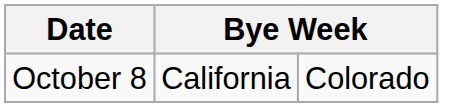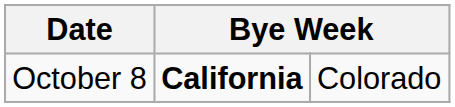 <table class="wikitable" style="font-size:95%;">
 <tr>
 <th>Date</th>
 <th colspan="2">Bye Week</th>
 </tr>
 <tr>
 <td>October 8</td>
-<td>California</td>
+<td><strong>California</strong></td>
 <td>Colorado</td>
 </tr>
 </table>
